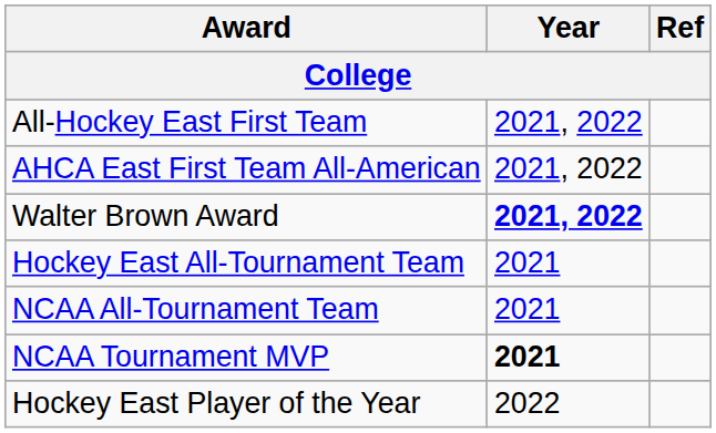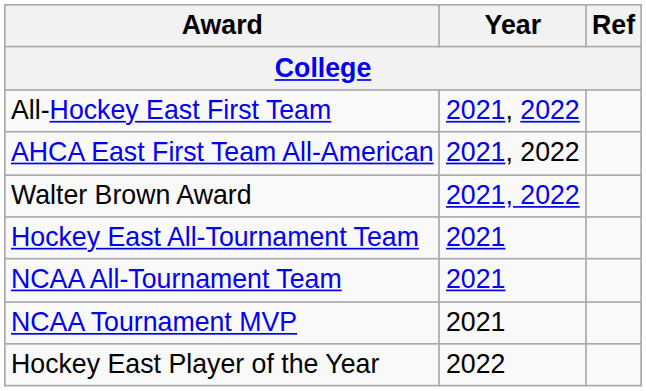 <table class="wikitable">
 <tr>
 <th>Award</th>
 <th>Year</th>
 <th>Ref</th>
 </tr>
 <tr>
 <th colspan="3"><a href='#'>College</a></th>
 </tr>
 <tr>
 <td>All-<a href='#'>Hockey East First Team</a></td>
 <td><a href='#'>2021</a>, <a href='#'>2022</a></td>
 <td></td>
 </tr>
 <tr>
 <td><a href='#'>AHCA East First Team All-American</a></td>
 <td><a href='#'>2021</a>, 2022</td>
 <td></td>
 </tr>
 <tr>
 <td>Walter Brown Award</td>
-<td><strong><a href='#'>2021, 2022</a></strong></td>
+<td><a href='#'>2021, 2022</a></td>
 <td></td>
 </tr>
 <tr>
 <td><a href='#'>Hockey East All-Tournament Team</a></td>
 <td><a href='#'>2021</a></td>
 <td></td>
 </tr>
 <tr>
 <td><a href='#'>NCAA All-Tournament Team</a></td>
 <td><a href='#'>2021</a></td>
 <td></td>
 </tr>
 <tr>
 <td><a href='#'>NCAA Tournament MVP</a></td>
-<td><strong>2021</strong></td>
+<td>2021</td>
 <td></td>
 </tr>
 <tr>
 <td>Hockey East Player of the Year</td>
 <td>2022</td>
 <td></td>
 </tr>
 </table>
